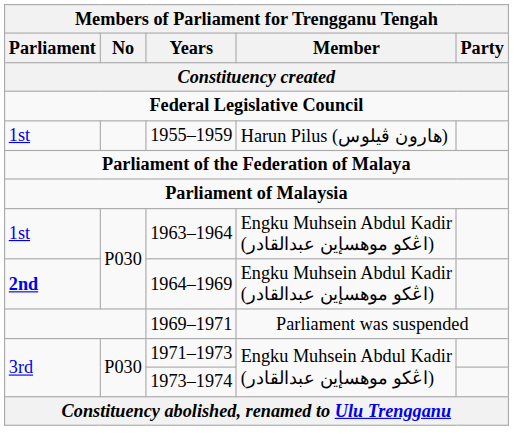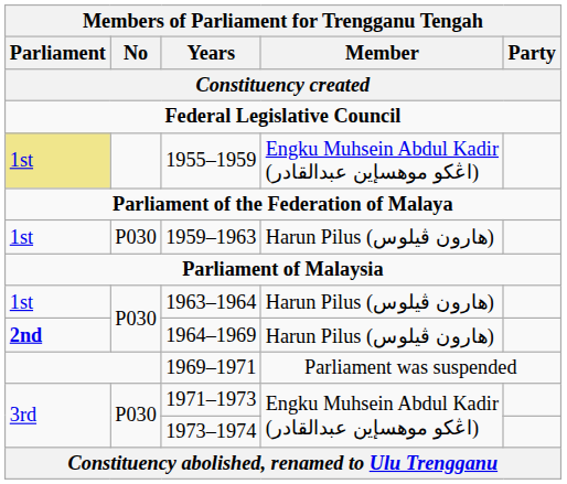 <table class=wikitable>
 <tr>
 <th colspan="5">Members of Parliament for Trengganu Tengah</th>
 </tr>
 <tr>
 <th>Parliament</th>
 <th>No</th>
 <th>Years</th>
 <th>Member</th>
 <th>Party</th>
 </tr>
 <tr>
 <th colspan="5" align="center"><em>Constituency created</em></th>
 </tr>
 <tr>
 <td colspan="5" align="center"><strong>Federal Legislative Council</strong></td>
 </tr>
 <tr>
-<td><a href='#'>1st</a></td>
+<td style="background: khaki;"><a href='#'>1st</a></td>
 <td></td>
 <td>1955–1959</td>
-<td>Harun Pilus (هارون ڤيلوس)</td>
+<td><a href='#'>Engku Muhsein Abdul Kadir</a>  <br>(اڠكو موهسإين عبدالقادر)</td>
 <td></td>
 </tr>
 <tr>
 <td colspan="5" align="center"><strong>Parliament of the Federation of Malaya</strong></td>
+</tr>
+<tr>
+<td><a href='#'>1st</a></td>
+<td>P030</td>
+<td>1959–1963</td>
+<td>Harun Pilus (هارون ڤيلوس)</td>
+<td></td>
 </tr>
 <tr>
 <td colspan="5" align="center"><strong>Parliament of Malaysia</strong></td>
 </tr>
 <tr>
 <td><a href='#'>1st</a></td>
 <td rowspan="2">P030</td>
 <td>1963–1964</td>
-<td>Engku Muhsein Abdul Kadir <br> (اڠكو موهسإين عبدالقادر)</td>
+<td>Harun Pilus (هارون ڤيلوس)</td>
 <td></td>
 </tr>
 <tr>
 <td><strong><a href='#'>2nd</a></strong></td>
 <td>1964–1969</td>
-<td>Engku Muhsein Abdul Kadir <br> (اڠكو موهسإين عبدالقادر)</td>
+<td>Harun Pilus (هارون ڤيلوس)</td>
 <td></td>
 </tr>
 <tr>
 <td colspan="2"></td>
 <td>1969–1971</td>
 <td colspan="2" align="center">Parliament was suspended</td>
 </tr>
 <tr>
 <td rowspan=2><a href='#'>3rd</a></td>
 <td rowspan="2">P030</td>
 <td>1971–1973</td>
 <td rowspan="2">Engku Muhsein Abdul Kadir <br> (اڠكو موهسإين عبدالقادر)</td>
 <td></td>
 </tr>
 <tr>
 <td>1973–1974</td>
 <td></td>
 </tr>
 <tr>
 <th colspan="5" align="center"><em>Constituency abolished, renamed to <a href='#'>Ulu Trengganu</a></em></th>
 </tr>
 </table>
